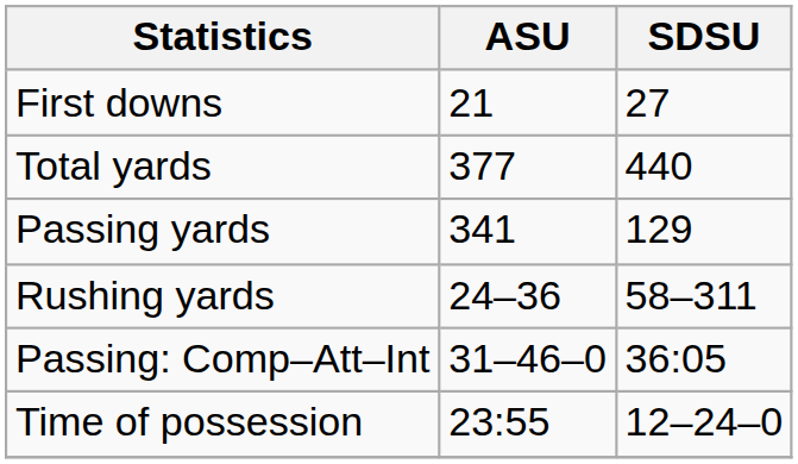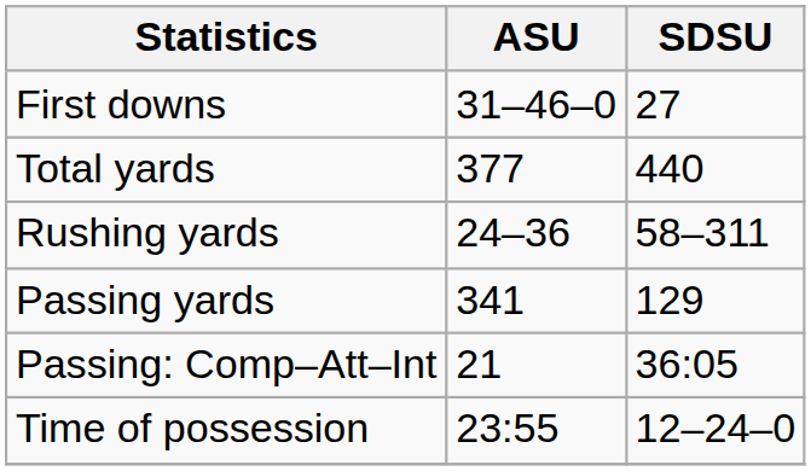 <table class="wikitable" style="float: left;">
 <tr>
 <th>Statistics</th>
 <th>ASU</th>
 <th>SDSU</th>
 </tr>
 <tr>
 <td>First downs</td>
-<td>21</td>
+<td>31–46–0</td>
 <td>27</td>
 </tr>
 <tr>
 <td>Total yards</td>
 <td>377</td>
 <td>440</td>
 </tr>
 <tr>
+<td>Rushing yards</td>
+<td>24–36</td>
+<td>58–311</td>
+</tr>
+<tr>
 <td>Passing yards</td>
 <td>341</td>
 <td>129</td>
 </tr>
 <tr>
-<td>Rushing yards</td>
-<td>24–36</td>
-<td>58–311</td>
-</tr>
-<tr>
 <td>Passing: Comp–Att–Int</td>
-<td>31–46–0</td>
+<td>21</td>
 <td>36:05</td>
 </tr>
 <tr>
 <td>Time of possession</td>
 <td>23:55</td>
 <td>12–24–0</td>
 </tr>
 <tr>
 </tr>
 </table>
